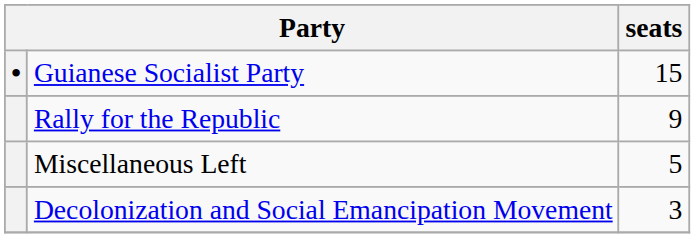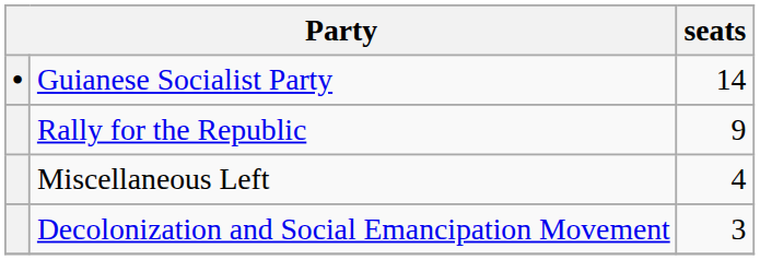 <table class="wikitable" style="font-size: 95%;">
 <tr>
 <th colspan=2>Party</th>
 <th>seats</th>
 </tr>
 <tr>
 <th style="background-color: "><span>•</span></th>
 <td><a href='#'>Guianese Socialist Party</a></td>
-<td align="right">15</td>
+<td align="right">14</td>
 </tr>
 <tr>
 <th style="background-color: "></th>
 <td><a href='#'>Rally for the Republic</a></td>
 <td align="right">9</td>
 </tr>
 <tr>
 <th style="background-color: "></th>
 <td>Miscellaneous Left</td>
-<td align="right">5</td>
+<td align="right">4</td>
 </tr>
 <tr>
 <th style="background-color: "></th>
 <td><a href='#'>Decolonization and Social Emancipation Movement</a></td>
 <td align="right">3</td>
 </tr>
 <tr>
 </tr>
 </table>
